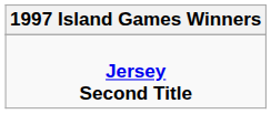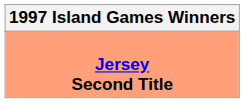 <table class="wikitable" style="text-align: center; margin: 0 auto;">
 <tr>
 <th>1997 Island Games Winners</th>
 </tr>
 <tr>
 </tr>
 <tr>
-<td><br><strong><a href='#'>Jersey</a></strong><br><strong>Second Title</strong></td>
+<td style="background: lightsalmon;"><br><strong><a href='#'>Jersey</a></strong><br><strong>Second Title</strong></td>
 </tr>
 </table>
